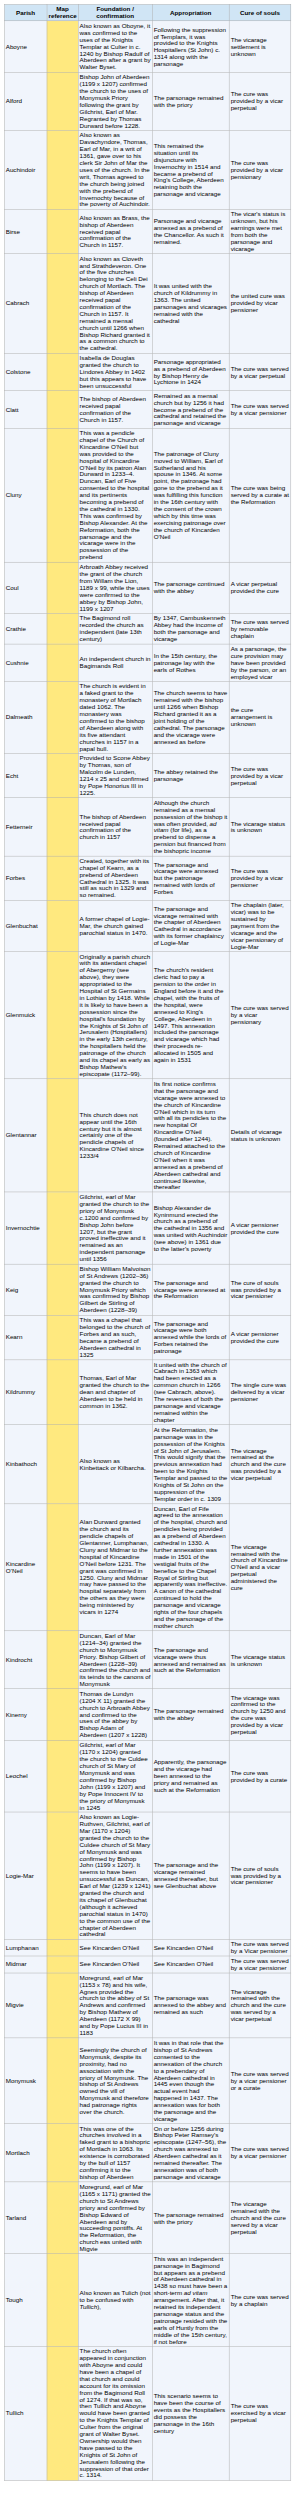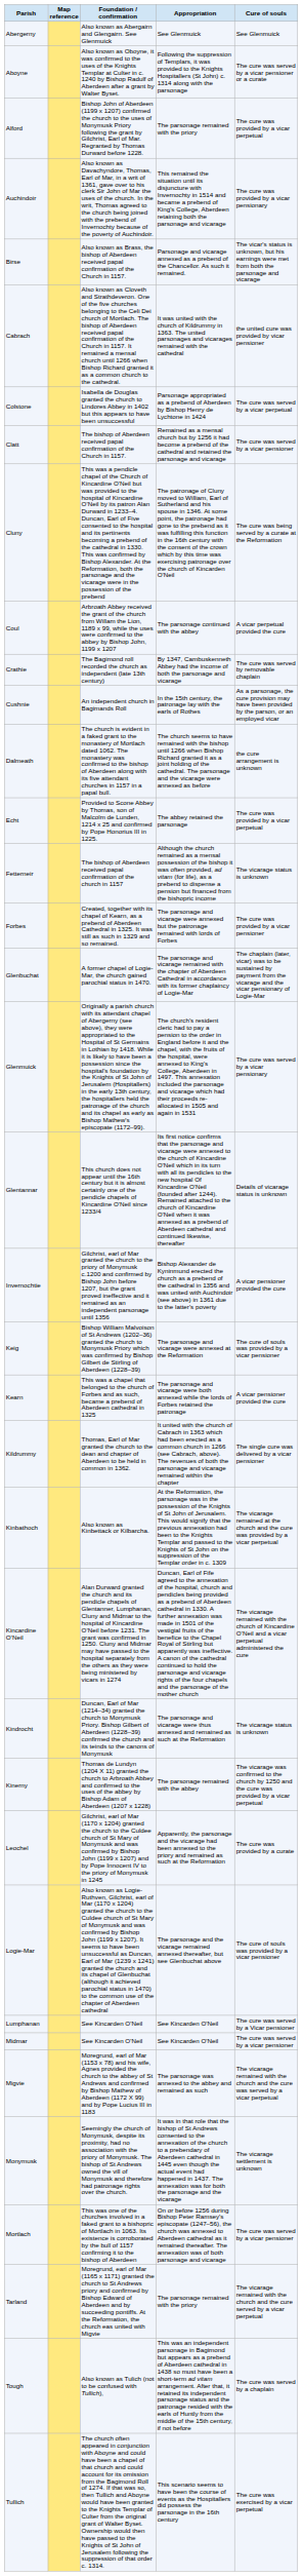 <table class="wikitable sortable" style="margin-left: auto; margin-right: auto; border: none;width: 100%;font-size: 85%;">
 <tr>
 <th style="width: 155px; background-color:#d0e5f5;color:black">Parish</th>
 <th style="width: 60px; background-color:#d0e5f5;color:black">Map reference</th>
 <th style="width: 500px; background-color:#d0e5f5;color:black"; class="unsortable">Foundation / confirmation</th>
 <th style="width: 500px; background-color:#d0e5f5;color:black"; class="unsortable">Appropriation</th>
 <th style="width: 400px; background-color:#d0e5f5;color:black"; class="unsortable">Cure of souls</th>
 </tr>
 <tr>
+<td style="background:#f1f5fc;color:black">Abergerny </td>
+<td style="background:#ffe97f;color:red"></td>
+<td style="background:#f1f5fc;color:black">Also known as Abergairn and Glengairn. See Glenmuick</td>
+<td style="background:#f1f5fc;color:black">See Glenmuick</td>
+<td style="background:#f1f5fc;color:black">See Glenmuick</td>
+</tr>
+<tr>
 <td style="background:#f1f5fc;color:black">Aboyne </td>
 <td style="background:#ffe97f;color:black"></td>
 <td style="background:#f1f5fc;color:black">Also known as Oboyne, it was confirmed to the uses of the Knights Templar at Culter in c. 1240 by Bishop Radulf of Aberdeen after a grant by Walter Byset.</td>
 <td style="background:#f1f5fc;color:black">Following the suppression of Templars, it was provided to the Knights Hospitallers (St John) c. 1314 along with the parsonage</td>
-<td style="background:#f1f5fc;color:black">The vicarage settlement is unknown</td>
+<td style="background:#f1f5fc;color:black">The cure was served by a vicar pensioner or a curate</td>
 </tr>
 <tr>
 <td style="background:#f1f5fc;color:black">Alford </td>
 <td style="background:#ffe97f;color:black"></td>
 <td style="background:#f1f5fc;color:black">Bishop John of Aberdeen (1199 x 1207) confirmed the church to the uses of Monymusk Priory following the grant by Gilchrist, Earl of Mar. Regranted by Thomas Durward before 1228.</td>
 <td style="background:#f1f5fc;color:black">The parsonage remained with the priory</td>
 <td style="background:#f1f5fc;color:black">The cure was provided by a vicar perpetual</td>
 </tr>
 <tr>
 <td style="background:#f1f5fc;color:black">Auchindoir </td>
 <td style="background:#ffe97f;color:black"></td>
 <td style="background:#f1f5fc;color:black">Also known as Davachyndore, Thomas, Earl of Mar, in a writ of 1361, gave over to his clerk Sir John of Mar the uses of the church. In the writ, Thomas agreed to the church being joined with the prebend of Invernochty because of the poverty of Auchindoir.</td>
 <td style="background:#f1f5fc;color:black">This remained the situation until its disjuncture with Invernochty in 1514 and became a prebend of King's College, Aberdeen retaining both the parsonage and vicarage</td>
 <td style="background:#f1f5fc;color:black">The cure was provided by a vicar pensionary</td>
 </tr>
 <tr>
 <td style="background:#f1f5fc;color:black">Birse </td>
 <td style="background:#ffe97f;color:black"></td>
 <td style="background:#f1f5fc;color:black">Also known as Brass, the bishop of Aberdeen received papal confirmation of the Church in 1157.</td>
 <td style="background:#f1f5fc;color:black">Parsonage and vicarage annexed as a prebend of the Chancellor. As such it remained.</td>
 <td style="background:#f1f5fc;color:black">The vicar's status is unknown, but his earnings were met from both the parsonage and vicarage</td>
 </tr>
 <tr>
 <td style="background:#f1f5fc;color:black">Cabrach </td>
 <td style="background:#ffe97f;color:red"></td>
 <td style="background:#f1f5fc;color:black">Also known as Cloveth and Strathdeveron. One of the five churches belonging to the Celi Dei church of Mortlach. The bishop of Aberdeen received papal confirmation of the Church in 1157. It remained a mensal church until 1266 when Bishop Richard granted it as a common church to the cathedral.</td>
 <td style="background:#f1f5fc;color:black">It was united with the church of Kildrummy in 1363. The united parsonages and vicarages remained with the cathedral</td>
 <td style="background:#f1f5fc;color:black">the united cure was provided by vicar pensioner</td>
 </tr>
 <tr>
 <td style="background:#f1f5fc;color:black">Colstone </td>
 <td style="background:#ffe97f;color:black"></td>
 <td style="background:#f1f5fc;color:black">Isabella de Douglas granted the church to Lindores Abbey in 1402 but this appears to have been unsuccessful</td>
 <td style="background:#f1f5fc;color:black">Parsonage appropriated as a prebend of Aberdeen by Bishop Henry de Lychtone in 1424</td>
 <td style="background:#f1f5fc;color:black">The cure was served by a vicar perpetual</td>
 </tr>
 <tr>
 <td style="background:#f1f5fc;color:black">Clatt </td>
 <td style="background:#ffe97f;color:black"></td>
 <td style="background:#f1f5fc;color:black">The bishop of Aberdeen received papal confirmation of the Church in 1157.</td>
 <td style="background:#f1f5fc;color:black">Remained as a mensal church but by 1256 it had become a prebend of the cathedral and retained the parsonage and vicarage</td>
 <td style="background:#f1f5fc;color:black">The cure was served by a vicar pensioner</td>
 </tr>
 <tr>
 <td style="background:#f1f5fc;color:black">Cluny </td>
 <td style="background:#ffe97f;color:red"></td>
 <td style="background:#f1f5fc;color:black">This was a pendicle chapel of the Church of Kincardine O'Neil but was provided to the hospital of Kincardine O'Neil by its patron Alan Durward in 1233–4. Duncan, Earl of Five consented to the hospital and its pertinents becoming a prebend of the cathedral in 1330. This was confirmed by Bishop Alexander. At the Reformation, both the parsonage and the vicarage were in the possession of the prebend</td>
 <td style="background:#f1f5fc;color:black">The patronage of Cluny moved to William, Earl of Sutherland and his spouse in 1346.  At some point, the patronage had gone to the prebend as it was fulfilling this function in the 16th century with the consent of the crown which by this time was exercising patronage over the church of Kincarden O'Neil</td>
 <td style="background:#f1f5fc;color:black">The cure was being served by a curate at the Reformation</td>
 </tr>
 <tr>
 <td style="background:#f1f5fc;color:black">Coul </td>
 <td style="background:#ffe97f;color:black"></td>
 <td style="background:#f1f5fc;color:black">Arbroath Abbey received the grant of the church from Willam the Lion, 1189 x 99, while the uses were confirmed to the abbey by Bishop John, 1199 x 1207</td>
 <td style="background:#f1f5fc;color:black">The parsonage continued with the abbey</td>
 <td style="background:#f1f5fc;color:black">A vicar perpetual provided the cure</td>
 </tr>
 <tr>
 <td style="background:#f1f5fc;color:black">Crathie </td>
 <td style="background:#ffe97f;color:black"></td>
 <td style="background:#f1f5fc;color:black">The Bagimond roll recorded the church as independent (late 13th century)</td>
 <td style="background:#f1f5fc;color:black">By 1347, Cambuskenneth Abbey had the income of both the parsonage and vicarage</td>
 <td style="background:#f1f5fc;color:black">The cure was served by removable chaplain</td>
 </tr>
 <tr>
 <td style="background:#f1f5fc;color:black">Cushnie </td>
 <td style="background:#ffe97f;color:black"></td>
 <td style="background:#f1f5fc;color:black">An independent church in Bagimands Roll</td>
 <td style="background:#f1f5fc;color:black">In the 15th century, the patronage lay with the earls of Rothes</td>
 <td style="background:#f1f5fc;color:black">As a parsonage, the cure provision may have been provided by the parson, or an employed vicar</td>
 </tr>
 <tr>
 <td style="background:#f1f5fc;color:black">Dalmeath </td>
 <td style="background:#ffe97f;color:red"></td>
 <td style="background:#f1f5fc;color:black">The church is evident in a faked grant to the monastery of Mortlach dated 1062.  The monastery was confirmed to the bishop of Aberdeen along with its five attendant churches in 1157 in a papal bull.</td>
 <td style="background:#f1f5fc;color:black">The church seems to have remained with the bishop until 1266 when Bishop Richard granted it as a joint holding of the cathedral.  The parsonage and the vicarage were annexed as before</td>
 <td style="background:#f1f5fc;color:black">the cure arrangement is unknown</td>
 </tr>
 <tr>
 <td style="background:#f1f5fc;color:black">Echt </td>
 <td style="background:#ffe97f;color:black"></td>
 <td style="background:#f1f5fc;color:black">Provided to Scone Abbey by Thomas, son of Malcolm de Lunden, 1214 x 25 and confirmed by Pope Honorius III in 1225.</td>
 <td style="background:#f1f5fc;color:black">The abbey retained the parsonage</td>
 <td style="background:#f1f5fc;color:black">The cure was provided by a vicar perpetual</td>
 </tr>
 <tr>
 <td style="background:#f1f5fc;color:black">Fetterneir </td>
 <td style="background:#ffe97f;color:black"></td>
 <td style="background:#f1f5fc;color:black">The bishop of Aberdeen received papal confirmation of the church in 1157</td>
 <td style="background:#f1f5fc;color:black">Although the church remained as a mensal possession of the bishop it was often provided, <em>ad vitam</em> (for life),  as a prebend to dispense a pension but financed from the bishopric income</td>
 <td style="background:#f1f5fc;color:black">The vicarage status is unknown</td>
 </tr>
 <tr>
 <td style="background:#f1f5fc;color:black">Forbes </td>
 <td style="background:#ffe97f;color:red"></td>
 <td style="background:#f1f5fc;color:black">Created, together with its chapel of Kearn, as a prebend of Aberdeen Cathedral in 1325. It was still as such in 1329 and so remained.</td>
 <td style="background:#f1f5fc;color:black">The parsonage and vicarage were annexed but the patronage remained with lords of Forbes</td>
 <td style="background:#f1f5fc;color:black">The cure was provided by a vicar pensioner</td>
 </tr>
 <tr>
 <td style="background:#f1f5fc;color:black">Glenbuchat </td>
 <td style="background:#ffe97f;color:red"></td>
 <td style="background:#f1f5fc;color:black">A former chapel of Logie-Mar, the church gained parochial status in 1470.</td>
 <td style="background:#f1f5fc;color:black">The parsonage and vicarage remained with the chapter of Aberdeen Cathedral in accordance with its former chaplaincy of Logie-Mar</td>
 <td style="background:#f1f5fc;color:black">The chaplain (later, vicar) was to be sustained by payment from the vicarage and the vicar pensionary of Logie-Mar</td>
 </tr>
 <tr>
 <td style="background:#f1f5fc;color:black">Glenmuick </td>
 <td style="background:#ffe97f;color:red"></td>
 <td style="background:#f1f5fc;color:black">Originally a parish church with its attendant chapel of Abergerny (see above), they were appropriated to the Hospital of St Germains in Lothian by 1418. While it is likely to have been a possession since the hospital's foundation by the Knights of St John of Jerusalem (Hospitallers) in the early 13th century, the hospitallers held the patronage of the church and its chapel as early as Bishop Mathew's episcopate (1172–99).</td>
 <td style="background:#f1f5fc;color:black">The church's resident cleric had to pay a pension to the order in England before it and the chapel, with the fruits of the hospital, were annexed to King's College, Aberdeen in 1497. This annexation included the parsonage and vicarage which had their proceeds re-allocated in 1505 and again in 1531</td>
 <td style="background:#f1f5fc;color:black">The cure was served by a vicar pensionary</td>
 </tr>
 <tr>
 <td style="background:#f1f5fc;color:black">Glentannar </td>
 <td style="background:#ffe97f;color:red"></td>
 <td style="background:#f1f5fc;color:black">This church does not appear until the 16th century but it is almost certainly one of the pendicle chapels of Kincardine O'Neil since 1233/4</td>
 <td style="background:#f1f5fc;color:black">Its first notice confirms that the parsonage and vicarage were annexed to the church of Kincardine O'Neil which in its turn with all its pendicles to the new hospital Of Kincardine O'Neil (founded after 1244). Remained attached to the church of Kincardine O'Neil when it was annexed as a prebend of Aberdeen cathedral and continued likewise, thereafter</td>
 <td style="background:#f1f5fc;color:black">Details of vicarage status is unknown</td>
 </tr>
 <tr>
 <td style="background:#f1f5fc;color:black">Invernochtie </td>
 <td style="background:#ffe97f;color:black"></td>
 <td style="background:#f1f5fc;color:black">Gilchrist, earl of Mar granted the church to the priory of Monymusk c.1200 and confirmed by Bishop John before 1207, but the grant proved ineffective and it remained as an independent parsonage until 1356</td>
 <td style="background:#f1f5fc;color:black">Bishop Alexander de Kyninmund erected the church as a prebend of the cathedral in 1356 and was united with Auchindoir (see above) in 1361 due to the latter's poverty</td>
 <td style="background:#f1f5fc;color:black">A vicar pensioner provided the cure</td>
 </tr>
 <tr>
 <td style="background:#f1f5fc;color:black">Keig </td>
 <td style="background:#ffe97f;color:black"></td>
 <td style="background:#f1f5fc;color:black">Bishop William Malvoison of St Andrews (1202–36) granted the church to Monymusk Priory which was confirmed by Bishop Gilbert de Stirling of Aberdeen (1228–39)</td>
 <td style="background:#f1f5fc;color:black">The parsonage and vicarage were annexed at the Reformation</td>
 <td style="background:#f1f5fc;color:black">The cure of souls was provided by a vicar pensioner</td>
 </tr>
 <tr>
 <td style="background:#f1f5fc;color:black">Kearn </td>
 <td style="background:#ffe97f;color:red"></td>
 <td style="background:#f1f5fc;color:black">This was a chapel that belonged to the church of Forbes and as such, became a prebend of Aberdeen cathedral in 1325</td>
 <td style="background:#f1f5fc;color:black">The parsonage and vicarage were both annexed while the lords of Forbes retained the patronage</td>
 <td style="background:#f1f5fc;color:black">A vicar pensioner provided the cure</td>
 </tr>
 <tr>
 <td style="background:#f1f5fc;color:black">Kildrummy </td>
 <td style="background:#ffe97f;color:black"></td>
 <td style="background:#f1f5fc;color:black">Thomas, Earl of Mar granted the church to the dean and chapter of Aberdeen to be held in common in 1362.</td>
 <td style="background:#f1f5fc;color:black">It united with the church of Cabrach in 1363 which had been erected as a common church in 1266 (see Cabrach, above). The revenues of both the parsonage and vicarage remained within the chapter</td>
 <td style="background:#f1f5fc;color:black">The single cure was delivered by a vicar pensioner</td>
 </tr>
 <tr>
 <td style="background:#f1f5fc;color:black">Kinbathoch </td>
 <td style="background:#ffe97f;color:black"></td>
 <td style="background:#f1f5fc;color:black">Also known as Kinbettack or Kilbarcha.</td>
 <td style="background:#f1f5fc;color:black">At the Reformation, the parsonage was in the possession of the Knights of St John of Jerusalem. This would signify that the previous annexation had been to the Knights Templar and passed to the Knights of St John on the suppression of the Templar order in c. 1309</td>
 <td style="background:#f1f5fc;color:black">The vicarage remained at the church and the cure was provided by a vicar perpetual</td>
 </tr>
 <tr>
 <td style="background:#f1f5fc;color:black">Kincardine O’Neil </td>
 <td style="background:#ffe97f;color:red"></td>
 <td style="background:#f1f5fc;color:black">Alan Durward granted the church and its pendicle chapels of Glentanner, Lumphanan, Cluny and Midmar to the hospital of Kincardine O’Neil before 1231. The grant was confirmed in 1250. Cluny and Midmar may have passed to the hospital separately from the others as they were being ministered by vicars in 1274</td>
 <td style="background:#f1f5fc;color:black">Duncan, Earl of Fife agreed to the annexation of the hospital, church and pendicles being provided as a prebend of Aberdeen cathedral in 1330. A further annexation was made in 1501 of the vestigial fruits of the benefice to the Chapel Royal of Stirling but apparently was ineffective. A canon of the cathedral continued to hold the parsonage and vicarage rights of the four chapels and the parsonage of the mother church</td>
 <td style="background:#f1f5fc;color:black">The vicarage remained with the church of Kincardine O’Neil and a vicar perpetual administered the cure</td>
 </tr>
 <tr>
 <td style="background:#f1f5fc;color:black">Kindrocht </td>
 <td style="background:#ffe97f;color:black"></td>
 <td style="background:#f1f5fc;color:black">Duncan, Earl of Mar (1214–34) granted the church to Monymusk Priory. Bishop Gilbert of Aberdeen (1228–39) confirmed the church and its teinds to the canons of Monymusk</td>
 <td style="background:#f1f5fc;color:black">The parsonage and vicarage were thus annexed and remained as such at the Reformation</td>
 <td style="background:#f1f5fc;color:black">The vicarage status is unknown</td>
 </tr>
 <tr>
 <td style="background:#f1f5fc;color:black">Kinerny </td>
 <td style="background:#ffe97f;color:black"></td>
 <td style="background:#f1f5fc;color:black">Thomas de Lundyn (1204 X 11) granted the church to Arbroath Abbey and confirmed to the uses of the abbey by Bishop Adam of Aberdeen (1207 x 1228)</td>
 <td style="background:#f1f5fc;color:black">The parsonage remained with the abbey</td>
 <td style="background:#f1f5fc;color:black">The vicarage was confirmed to the church by 1250 and the cure was provided by a vicar perpetual</td>
 </tr>
 <tr>
 <td style="background:#f1f5fc;color:black">Leochel </td>
 <td style="background:#ffe97f;color:black"></td>
 <td style="background:#f1f5fc;color:black">Gilchrist, earl of Mar (1170 x 1204) granted the church to the Culdee church of St Mary of Monymusk and was confirmed by Bishop John (1199 x 1207) and by Pope Innocent IV to the priory of Monymusk in 1245</td>
 <td style="background:#f1f5fc;color:black">Apparently, the parsonage and the vicarage had been annexed to the priory and remained as such at the Reformation</td>
 <td style="background:#f1f5fc;color:black">The cure was provided by a curate</td>
 </tr>
 <tr>
 <td style="background:#f1f5fc;color:black">Logie-Mar </td>
 <td style="background:#ffe97f;color:red"></td>
 <td style="background:#f1f5fc;color:black">Also known as Logie-Ruthven, Gilchrist, earl of Mar (1170 x 1204) granted the church to the Culdee church of St Mary of Monymusk and was confirmed by Bishop John (1199 x 1207). It seems to have been unsuccessful as Duncan, Earl of Mar (1239 x 1241) granted the church and its chapel of Glenbuchat (although it achieved parochial status in 1470) to the common use of the chapter of Aberdeen cathedral</td>
 <td style="background:#f1f5fc;color:black">The parsonage and the vicarage remained annexed thereafter, but see Glenbuchat above</td>
 <td style="background:#f1f5fc;color:black">The cure of souls was provided by a vicar pensioner</td>
 </tr>
 <tr>
 <td style="background:#f1f5fc;color:black">Lumphanan </td>
 <td style="background:#ffe97f;color:red"></td>
 <td style="background:#f1f5fc;color:black">See Kincarden O'Neil</td>
 <td style="background:#f1f5fc;color:black">See Kincarden O'Neil</td>
 <td style="background:#f1f5fc;color:black">The cure was served by a Vicar pensioner</td>
 </tr>
 <tr>
 <td style="background:#f1f5fc;color:black">Midmar </td>
 <td style="background:#ffe97f;color:red"></td>
 <td style="background:#f1f5fc;color:black">See Kincarden O'Neil</td>
 <td style="background:#f1f5fc;color:black">See Kincarden O'Neil</td>
 <td style="background:#f1f5fc;color:black">The cure was served by a vicar pensioner</td>
 </tr>
 <tr>
 <td style="background:#f1f5fc;color:black">Migvie </td>
 <td style="background:#ffe97f;color:black"></td>
 <td style="background:#f1f5fc;color:black">Moregrund, earl of Mar (1153 x 78) and his wife, Agnes provided the church to the abbey of St Andrews and confirmed by Bishop Mathew of Aberdeen (1172 X 99) and by Pope Lucius III in 1183</td>
 <td style="background:#f1f5fc;color:black">The parsonage was annexed to the abbey and remained as such</td>
 <td style="background:#f1f5fc;color:black">The vicarage remained with the church and the cure was served by a vicar perpetual</td>
 </tr>
 <tr>
 <td style="background:#f1f5fc;color:black">Monymusk </td>
 <td style="background:#ffe97f;color:black"></td>
 <td style="background:#f1f5fc;color:black">Seemingly the church of Monymusk, despite its proximity, had no association with the priory of Monymusk. The bishop of St Andrews owned the vill of Monymusk and therefore had patronage rights over the church.</td>
 <td style="background:#f1f5fc;color:black">It was in that role that the bishop of St Andrews consented to the annexation of the church to a prebendary of Aberdeen cathedral in 1445 even though the actual event had happened in 1437.  The annexation was for both the parsonage and the vicarage</td>
-<td style="background:#f1f5fc;color:black">The cure was served by a vicar pensioner or a curate</td>
+<td style="background:#f1f5fc;color:black">The vicarage settlement is unknown</td>
 </tr>
 <tr>
 <td style="background:#f1f5fc;color:black">Mortlach </td>
 <td style="background:#ffe97f;color:red"></td>
 <td style="background:#f1f5fc;color:black">This was one of the churches involved in a faked grant to a bishopric of Mortlach in 1063. Its existence is corroborated by the bull of 1157 confirming it to the bishop of Aberdeen</td>
 <td style="background:#f1f5fc;color:black">On or before 1256 during Bishop Peter Ramsey's episcopate (1247–56), the church was annexed to Aberdeen cathedral as it remained thereafter. The annexation was of both parsonage and vicarage</td>
 <td style="background:#f1f5fc;color:black">The cure was served by a vicar pensioner</td>
 </tr>
 <tr>
 <td style="background:#f1f5fc;color:black">Tarland </td>
 <td style="background:#ffe97f;color:black"></td>
 <td style="background:#f1f5fc;color:black">Moregrund, earl of Mar (1165 x 1171) granted the church to St Andrews priory and confirmed by Bishop Edward of Aberdeen and by succeeding pontiffs. At the Reformation, the church eas united with Migvie</td>
 <td style="background:#f1f5fc;color:black">The parsonage remained with the priory</td>
 <td style="background:#f1f5fc;color:black">The vicarage remained with the church and the cure served by a vicar perpetual</td>
 </tr>
 <tr>
 <td style="background:#f1f5fc;color:black">Tough </td>
 <td style="background:#ffe97f;color:black"></td>
 <td style="background:#f1f5fc;color:black">Also known as Tulich (not to be confused with <em>Tullich</em>),</td>
 <td style="background:#f1f5fc;color:black">This was an independent parsonage in Bagimond but appears as a prebend of Aberdeen cathedral in 1438 so must have been a short-term <em>ad vitam</em> arrangement. After that, it retained its independent parsonage status and the patronage resided with the earls of Huntly from the middle of the 15th century, if not before</td>
 <td style="background:#f1f5fc;color:black">The cure was served by a chaplain</td>
 </tr>
 <tr>
 <td style="background:#f1f5fc;color:black">Tullich </td>
 <td style="background:#ffe97f;color:black"></td>
 <td style="background:#f1f5fc;color:black">The church often appeared in conjunction with Aboyne and could have been a chapel of that church and could account for its omission from the Bagimond Roll of 1274. If that was so, then Tullich and Aboyne would have been granted to the Knights Templar of Culter from the original grant of Walter Byset. Ownership would then have passed to the Knights of St John of Jerusalem following the suppression of that order c. 1314.</td>
 <td style="background:#f1f5fc;color:black">This scenario seems to have been the course of events as the Hospitallers did possess the parsonage in the 16th century</td>
 <td style="background:#f1f5fc;color:black">The cure was exercised by a vicar perpetual</td>
 </tr>
 <tr>
 </tr>
 </table>
